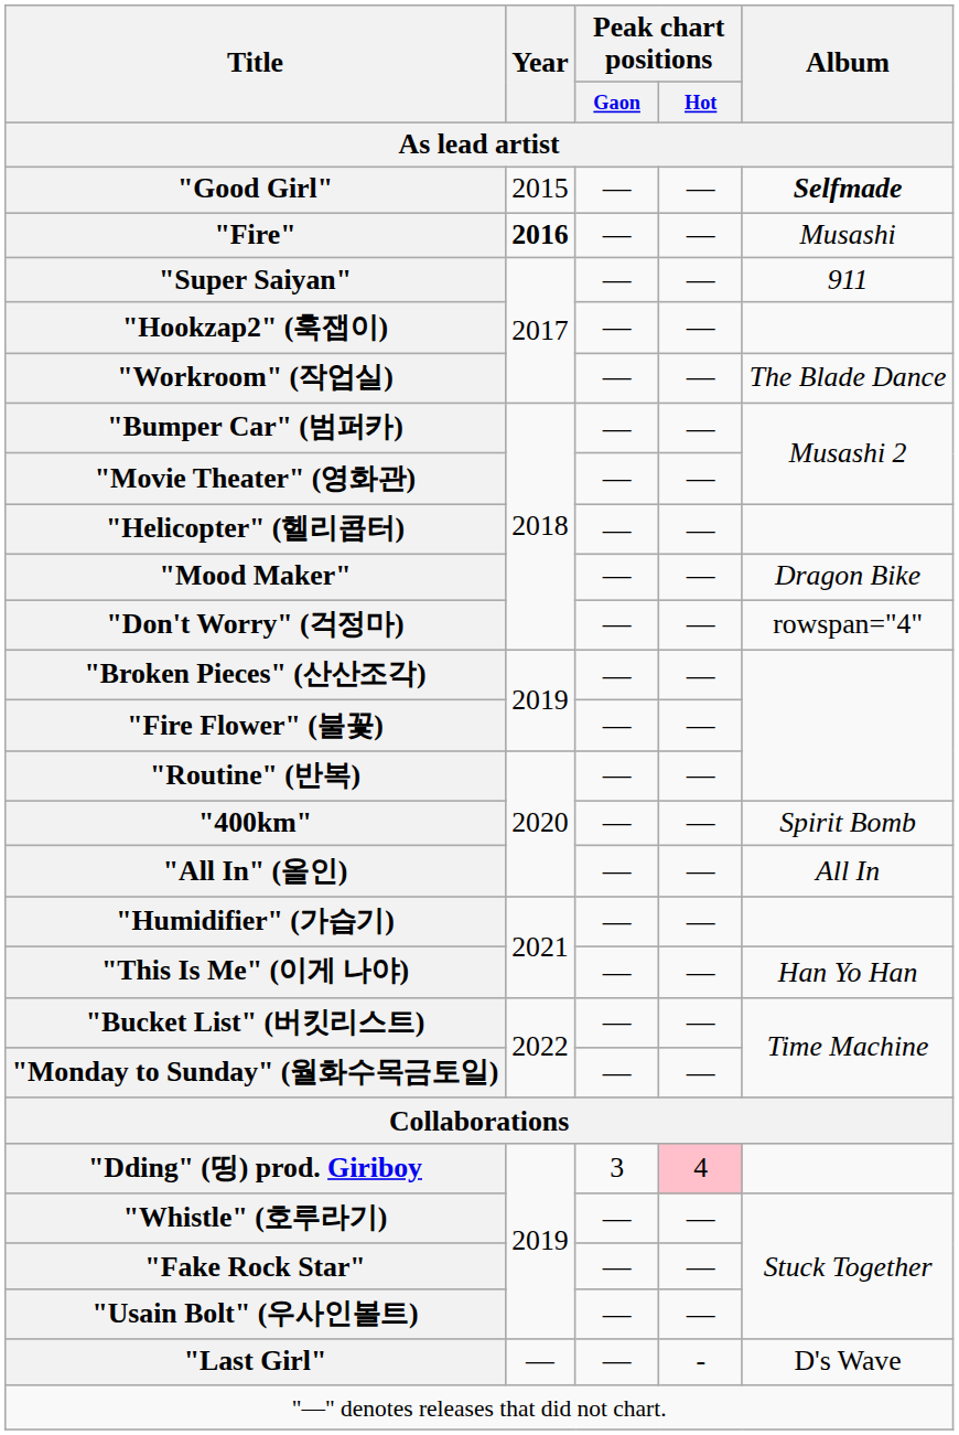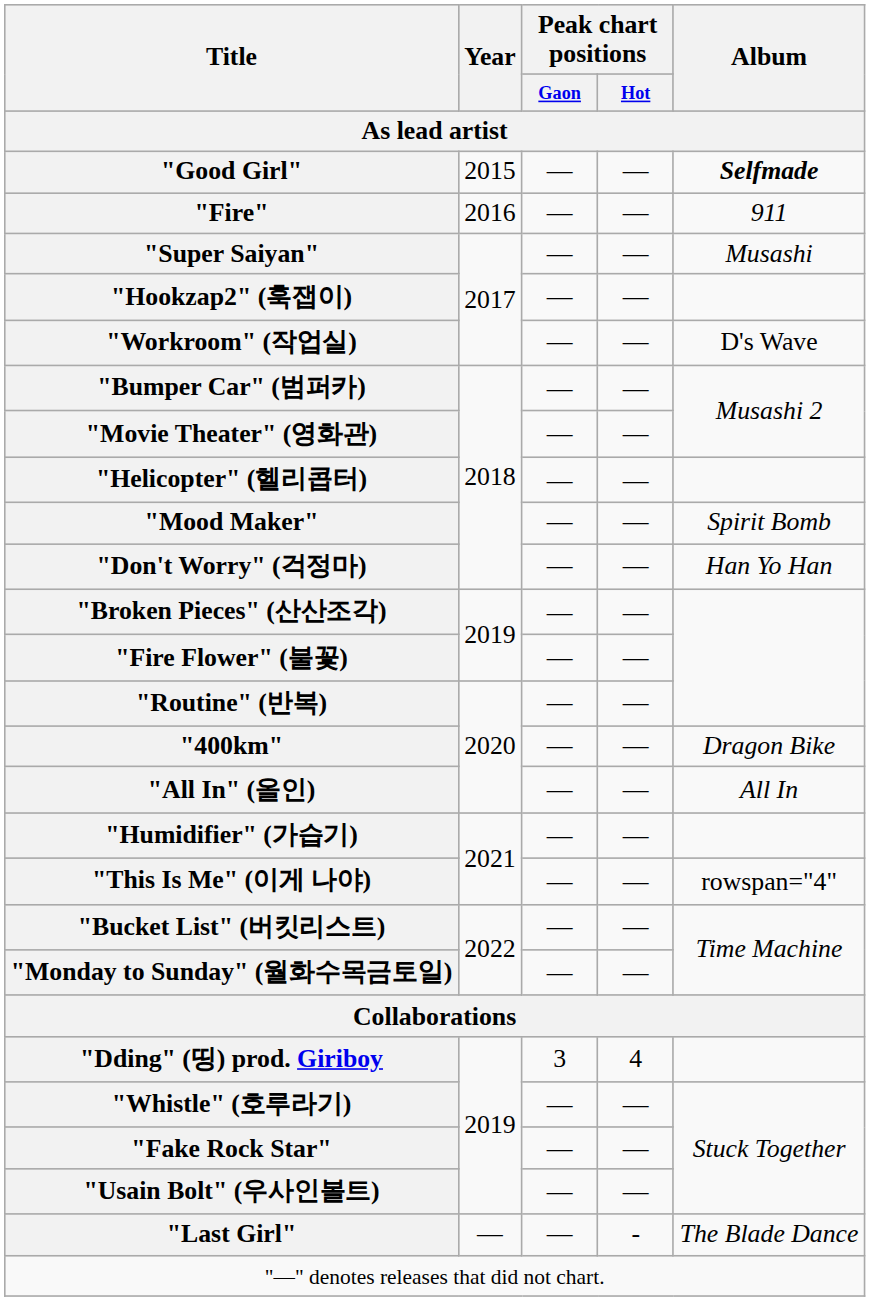 <table class="wikitable plainrowheaders" style="text-align:center;">
 <tr>
 <th scope="col" rowspan="2">Title</th>
 <th scope="col" rowspan="2">Year</th>
 <th scope="col" colspan="2">Peak chart <br> positions</th>
 <th scope="col" rowspan="2">Album</th>
 </tr>
 <tr>
 <th scope="col" style="width:3em;font-size:85%;"><small><a href='#'>Gaon</a></small><br></th>
 <th scope="col" style="width:3em;font-size:85%;"><small><a href='#'>Hot</a></small><br></th>
 </tr>
 <tr>
 <th scope="col" colspan="5">As lead artist</th>
 </tr>
 <tr>
 <th scope="row">"Good Girl"<br></th>
 <td>2015</td>
 <td>—</td>
 <td>—</td>
 <td><strong><em>Selfmade</em></strong></td>
 </tr>
 <tr>
 <th scope="row">"Fire"<br></th>
-<td><strong>2016</strong></td>
+<td>2016</td>
 <td>—</td>
 <td>—</td>
-<td><em>Musashi</em></td>
+<td><em>911</em></td>
 </tr>
 <tr>
 <th scope="row">"Super Saiyan"<br></th>
 <td rowspan="3">2017</td>
 <td>—</td>
 <td>—</td>
-<td><em>911</em></td>
+<td><em>Musashi</em></td>
 </tr>
 <tr>
 <th scope="row">"Hookzap2" (훅잽이)</th>
 <td>—</td>
 <td>—</td>
 <td></td>
 </tr>
 <tr>
 <th scope="row">"Workroom" (작업실)<br></th>
 <td>—</td>
 <td>—</td>
-<td><em>The Blade Dance</em></td>
+<td>D's Wave</td>
 </tr>
 <tr>
 <th scope="row">"Bumper Car" (범퍼카)</th>
 <td rowspan="5">2018</td>
 <td>—</td>
 <td>—</td>
 <td rowspan="2"><em>Musashi 2</em></td>
 </tr>
 <tr>
 <th scope="row">"Movie Theater" (영화관)<br></th>
 <td>—</td>
 <td>—</td>
 </tr>
 <tr>
 <th scope="row">"Helicopter" (헬리콥터)</th>
 <td>—</td>
 <td>—</td>
 <td></td>
 </tr>
 <tr>
 <th scope="row">"Mood Maker"<br></th>
 <td>—</td>
 <td>—</td>
-<td><em>Dragon Bike</em></td>
+<td><em>Spirit Bomb</em></td>
 </tr>
 <tr>
 <th scope="row">"Don't Worry" (걱정마)</th>
 <td>—</td>
 <td>—</td>
-<td>rowspan="4" </td>
+<td><em>Han Yo Han</em></td>
 </tr>
 <tr>
 <th scope="row">"Broken Pieces" (산산조각)</th>
 <td rowspan="2">2019</td>
 <td>—</td>
 <td>—</td>
 </tr>
 <tr>
 <th scope="row">"Fire Flower" (불꽃)</th>
 <td>—</td>
 <td>—</td>
 </tr>
 <tr>
 <th scope="row">"Routine" (반복)</th>
 <td rowspan="3">2020</td>
 <td>—</td>
 <td>—</td>
 </tr>
 <tr>
 <th scope="row">"400km"<br></th>
 <td>—</td>
 <td>—</td>
-<td><em>Spirit Bomb</em></td>
+<td><em>Dragon Bike</em></td>
 </tr>
 <tr>
 <th scope="row">"All In" (올인)<br></th>
 <td>—</td>
 <td>—</td>
 <td><em>All In</em></td>
 </tr>
 <tr>
 <th scope="row">"Humidifier" (가습기)</th>
 <td rowspan="2">2021</td>
 <td>—</td>
 <td>—</td>
 <td></td>
 </tr>
 <tr>
 <th scope="row">"This Is Me" (이게 나야)</th>
 <td>—</td>
 <td>—</td>
-<td><em>Han Yo Han</em></td>
+<td>rowspan="4" </td>
 </tr>
 <tr>
 <th scope="row">"Bucket List" (버킷리스트)<br></th>
 <td rowspan="2">2022</td>
 <td>—</td>
 <td>—</td>
 <td rowspan="2"><em>Time Machine</em></td>
 </tr>
 <tr>
 <th scope="row">"Monday to Sunday" (월화수목금토일)<br></th>
 <td>—</td>
 <td>—</td>
 </tr>
 <tr>
 <th scope="col" colspan="5">Collaborations</th>
 </tr>
 <tr>
 <th scope="row">"Dding" (띵) prod. <a href='#'>Giriboy</a><br></th>
 <td rowspan="4">2019</td>
 <td>3</td>
-<td style="background: pink;">4</td>
+<td>4</td>
 <td></td>
 </tr>
 <tr>
 <th scope="row">"Whistle" (호루라기)<br></th>
 <td>—</td>
 <td>—</td>
 <td rowspan="3"><em>Stuck Together</em></td>
 </tr>
 <tr>
 <th scope="row">"Fake Rock Star"<br></th>
 <td>—</td>
 <td>—</td>
 </tr>
 <tr>
 <th scope="row">"Usain Bolt" (우사인볼트)<br></th>
 <td>—</td>
 <td>—</td>
 </tr>
 <tr>
 <th scope="row">"Last Girl" <br></th>
 <td>—</td>
 <td>—</td>
 <td>-</td>
-<td>D's Wave</td>
+<td><em>The Blade Dance</em></td>
 </tr>
 <tr>
 <td colspan="5" align="center"><small>"—" denotes releases that did not chart.</small></td>
 </tr>
 </table>
